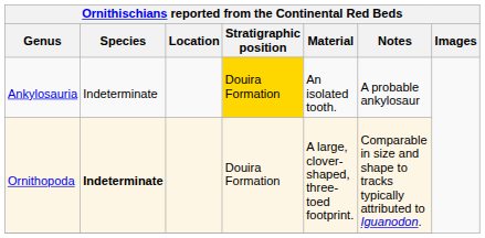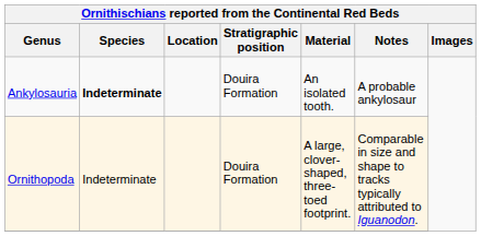 <table class="wikitable" align="center" width="100%">
 <tr>
 <th colspan="7" align="center"><a href='#'>Ornithischians</a> reported from the Continental Red Beds</th>
 </tr>
 <tr>
 <th>Genus</th>
 <th>Species</th>
 <th>Location</th>
 <th>Stratigraphic position</th>
 <th>Material</th>
 <th>Notes</th>
 <th>Images</th>
 </tr>
 <tr>
 <td><br><a href='#'>Ankylosauria</a></td>
-<td><br>Indeterminate</td>
+<td><strong><br>Indeterminate</strong></td>
 <td></td>
-<td style="background: gold;">Douira Formation</td>
+<td>Douira Formation</td>
 <td><br>An isolated tooth.</td>
 <td><br>A probable ankylosaur</td>
 </tr>
 <tr>
 <td style="background:#FEF6E4;"><br><a href='#'>Ornithopoda</a></td>
-<td style="background:#FEF6E4;"><strong><br>Indeterminate</strong></td>
+<td style="background:#FEF6E4;"><br>Indeterminate</td>
 <td style="background:#FEF6E4;"></td>
 <td style="background:#FEF6E4;">Douira Formation</td>
 <td style="background:#FEF6E4;"><br>A large, clover-shaped, three-toed footprint.</td>
 <td style="background:#FEF6E4;"><br>Comparable in size and shape to tracks typically attributed to <em><a href='#'>Iguanodon</a></em>.</td>
 </tr>
 <tr>
 </tr>
 </table>
